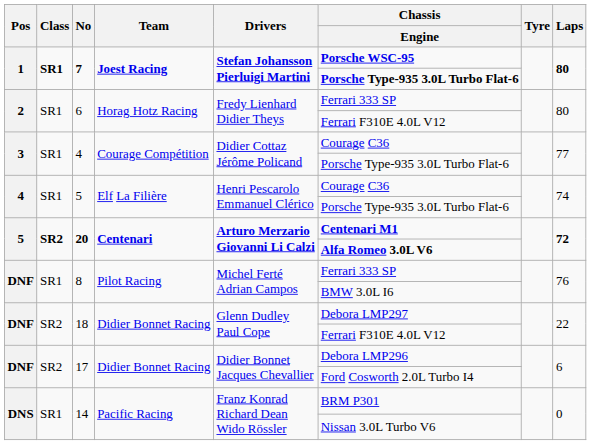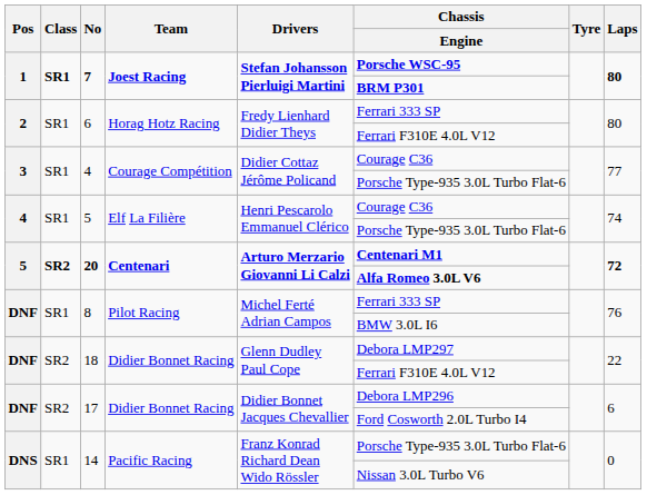 <table class="wikitable" style="font-size: 95%;">
 <tr>
 <th rowspan=2>Pos</th>
 <th rowspan=2>Class</th>
 <th rowspan=2>No</th>
 <th rowspan=2>Team</th>
 <th rowspan=2>Drivers</th>
 <th>Chassis</th>
 <th rowspan=2>Tyre</th>
 <th rowspan=2>Laps</th>
 </tr>
 <tr>
 <th>Engine</th>
 </tr>
 <tr style="font-weight:bold">
 <th rowspan=2>1</th>
 <td rowspan=2>SR1</td>
 <td rowspan=2>7</td>
 <td rowspan=2> <a href='#'>Joest Racing</a></td>
 <td rowspan=2> <a href='#'>Stefan Johansson</a><br> <a href='#'>Pierluigi Martini</a></td>
 <td><a href='#'>Porsche WSC-95</a></td>
 <td rowspan=2></td>
 <td rowspan=2>80</td>
 </tr>
 <tr Style="font-weight:bold">
-<td><a href='#'>Porsche</a> Type-935 3.0L Turbo Flat-6</td>
+<td><a href='#'>BRM P301</a></td>
 </tr>
 <tr>
 <th rowspan=2>2</th>
 <td rowspan=2>SR1</td>
 <td rowspan=2>6</td>
 <td rowspan=2> <a href='#'>Horag Hotz Racing</a></td>
 <td rowspan=2> <a href='#'>Fredy Lienhard</a><br> <a href='#'>Didier Theys</a></td>
 <td><a href='#'>Ferrari 333 SP</a></td>
 <td rowspan=2></td>
 <td rowspan=2>80</td>
 </tr>
 <tr>
 <td><a href='#'>Ferrari</a> F310E 4.0L V12</td>
 </tr>
 <tr>
 <th rowspan=2>3</th>
 <td rowspan=2>SR1</td>
 <td rowspan=2>4</td>
 <td rowspan=2> <a href='#'>Courage Compétition</a></td>
 <td rowspan=2> <a href='#'>Didier Cottaz</a><br> <a href='#'>Jérôme Policand</a></td>
 <td><a href='#'>Courage</a> <a href='#'>C36</a></td>
 <td rowspan=2></td>
 <td rowspan=2>77</td>
 </tr>
 <tr>
 <td><a href='#'>Porsche</a> Type-935 3.0L Turbo Flat-6</td>
 </tr>
 <tr>
 <th rowspan=2>4</th>
 <td rowspan=2>SR1</td>
 <td rowspan=2>5</td>
 <td rowspan=2> <a href='#'>Elf</a> <a href='#'>La Filière</a></td>
 <td rowspan=2> <a href='#'>Henri Pescarolo</a><br> <a href='#'>Emmanuel Clérico</a></td>
 <td><a href='#'>Courage</a> <a href='#'>C36</a></td>
 <td rowspan=2></td>
 <td rowspan=2>74</td>
 </tr>
 <tr>
 <td><a href='#'>Porsche</a> Type-935 3.0L Turbo Flat-6</td>
 </tr>
 <tr style="font-weight:bold">
 <th rowspan=2>5</th>
 <td rowspan=2>SR2</td>
 <td rowspan=2>20</td>
 <td rowspan=2> <a href='#'>Centenari</a></td>
 <td rowspan=2> <a href='#'>Arturo Merzario</a><br> <a href='#'>Giovanni Li Calzi</a></td>
 <td><a href='#'>Centenari M1</a></td>
 <td rowspan=2></td>
 <td rowspan=2>72</td>
 </tr>
 <tr style="font-weight:bold">
 <td><a href='#'>Alfa Romeo</a> 3.0L V6</td>
 </tr>
 <tr>
 <th rowspan=2>DNF</th>
 <td rowspan=2>SR1</td>
 <td rowspan=2>8</td>
 <td rowspan=2> <a href='#'>Pilot Racing</a></td>
 <td rowspan=2> <a href='#'>Michel Ferté</a><br> <a href='#'>Adrian Campos</a></td>
 <td><a href='#'>Ferrari 333 SP</a></td>
 <td rowspan=2></td>
 <td rowspan=2>76</td>
 </tr>
 <tr>
 <td><a href='#'>BMW</a> 3.0L I6</td>
 </tr>
 <tr>
 <th rowspan=2>DNF</th>
 <td rowspan=2>SR2</td>
 <td rowspan=2>18</td>
 <td rowspan=2> <a href='#'>Didier Bonnet Racing</a></td>
 <td rowspan=2> <a href='#'>Glenn Dudley</a><br> <a href='#'>Paul Cope</a></td>
 <td><a href='#'>Debora LMP297</a></td>
 <td rowspan=2></td>
 <td rowspan=2>22</td>
 </tr>
 <tr>
 <td><a href='#'>Ferrari</a> F310E 4.0L V12</td>
 </tr>
 <tr>
 <th rowspan=2>DNF</th>
 <td rowspan=2>SR2</td>
 <td rowspan=2>17</td>
 <td rowspan=2> <a href='#'>Didier Bonnet Racing</a></td>
 <td rowspan=2> <a href='#'>Didier Bonnet</a><br> <a href='#'>Jacques Chevallier</a></td>
 <td><a href='#'>Debora LMP296</a></td>
 <td rowspan=2></td>
 <td rowspan=2>6</td>
 </tr>
 <tr>
 <td><a href='#'>Ford</a> <a href='#'>Cosworth</a> 2.0L Turbo I4</td>
 </tr>
 <tr>
 <th rowspan=2>DNS</th>
 <td rowspan=2>SR1</td>
 <td rowspan=2>14</td>
 <td rowspan=2> <a href='#'>Pacific Racing</a></td>
 <td rowspan=2> <a href='#'>Franz Konrad</a><br> <a href='#'>Richard Dean</a><br> <a href='#'>Wido Rössler</a></td>
-<td><a href='#'>BRM P301</a></td>
+<td><a href='#'>Porsche</a> Type-935 3.0L Turbo Flat-6</td>
 <td rowspan=2></td>
 <td rowspan=2>0</td>
 </tr>
 <tr>
 <td><a href='#'>Nissan</a> 3.0L Turbo V6</td>
 </tr>
 </table>
